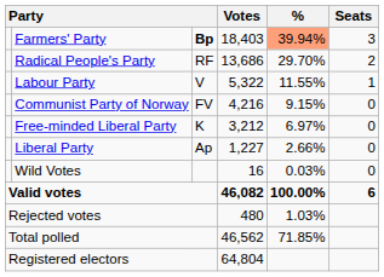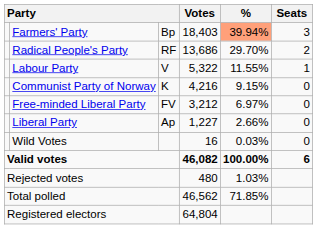 <table class="wikitable" border="1" style="text-align:right;">
 <tr>
 <th style="text-align:left;" colspan=3>Party</th>
 <th align=center width="50">Votes</th>
 <th align=center width="50">%</th>
 <th align=center width="50">Seats</th>
 </tr>
 <tr>
 <td style="color:inherit;background:"></td>
 <td align=left><a href='#'>Farmers' Party</a></td>
-<td align=left><strong>Bp</strong></td>
+<td align=left>Bp</td>
 <td>18,403</td>
 <td style="background: lightsalmon;">39.94%</td>
 <td>3</td>
 </tr>
 <tr>
 <td></td>
 <td align=left><a href='#'>Radical People's Party</a></td>
 <td align=left>RF</td>
 <td>13,686</td>
 <td>29.70%</td>
 <td>2</td>
 </tr>
 <tr>
 <td style="color:inherit;background:"></td>
 <td align=left><a href='#'>Labour Party</a></td>
 <td align=left>V</td>
 <td>5,322</td>
 <td>11.55%</td>
 <td>1</td>
 </tr>
 <tr>
 <td style="color:inherit;background:"></td>
 <td align=left><a href='#'>Communist Party of Norway</a></td>
-<td align=left>FV</td>
+<td align=left>K</td>
 <td>4,216</td>
 <td>9.15%</td>
 <td>0</td>
 </tr>
 <tr>
 <td style="color:inherit;background:"></td>
 <td align=left><a href='#'>Free-minded Liberal Party</a></td>
-<td align=left>K</td>
+<td align=left>FV</td>
 <td>3,212</td>
 <td>6.97%</td>
 <td>0</td>
 </tr>
 <tr>
 <td style="color:inherit;background:"></td>
 <td align=left><a href='#'>Liberal Party</a></td>
 <td align=left>Ap</td>
 <td>1,227</td>
 <td>2.66%</td>
 <td>0</td>
 </tr>
 <tr>
 <td></td>
 <td align=left>Wild Votes</td>
 <td align=left></td>
 <td>16</td>
 <td>0.03%</td>
 <td>0</td>
 </tr>
 <tr style="font-weight:bold">
 <td align=left colspan=3>Valid votes</td>
 <td>46,082</td>
 <td>100.00%</td>
 <td>6</td>
 </tr>
 <tr>
 <td align=left colspan=3>Rejected votes</td>
 <td>480</td>
 <td>1.03%</td>
 <td></td>
 </tr>
 <tr>
 <td align=left colspan=3>Total polled</td>
 <td>46,562</td>
 <td>71.85%</td>
 <td></td>
 </tr>
 <tr>
 <td align=left colspan=3>Registered electors</td>
 <td>64,804</td>
 <td></td>
 <td></td>
 </tr>
 </table>
